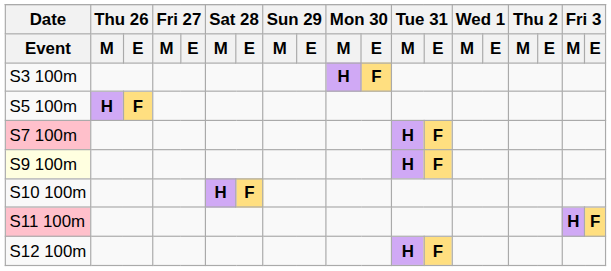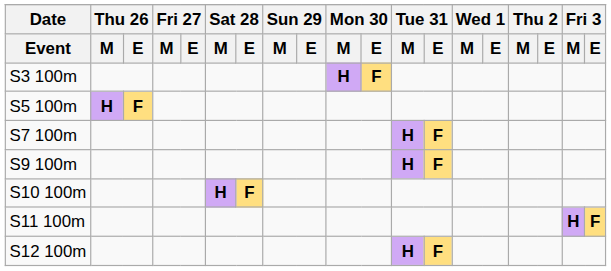 <table class="wikitable" style="margin:0.5em auto; font-size:90%; line-height:1.25em;">
 <tr align="center">
 </tr>
 <tr>
 <th>Date</th>
 <th colspan="2">Thu 26</th>
 <th colspan="2">Fri 27</th>
 <th colspan="2">Sat 28</th>
 <th colspan="2">Sun 29</th>
 <th colspan="2">Mon 30</th>
 <th colspan="2">Tue 31</th>
 <th colspan="2">Wed 1</th>
 <th colspan="2">Thu 2</th>
 <th colspan="2">Fri 3</th>
 </tr>
 <tr>
 <th>Event</th>
 <th>M</th>
 <th>E</th>
 <th>M</th>
 <th>E</th>
 <th>M</th>
 <th>E</th>
 <th>M</th>
 <th>E</th>
 <th>M</th>
 <th>E</th>
 <th>M</th>
 <th>E</th>
 <th>M</th>
 <th>E</th>
 <th>M</th>
 <th>E</th>
 <th>M</th>
 <th>E</th>
 </tr>
 <tr align="center">
 <td align="left">S3 100m</td>
 <td colspan="2"></td>
 <td colspan="2"></td>
 <td colspan="2"></td>
 <td colspan="2"></td>
 <td bgcolor="#D0A9F5"><strong>H</strong></td>
 <td bgcolor="#FFDF80"><strong>F</strong></td>
 <td colspan="2"></td>
 <td colspan="2"></td>
 <td colspan="2"></td>
 <td colspan="2"></td>
 </tr>
 <tr align="center">
 <td align="left">S5 100m</td>
 <td bgcolor="#D0A9F5"><strong>H</strong></td>
 <td bgcolor="#FFDF80"><strong>F</strong></td>
 <td colspan="2"></td>
 <td colspan="2"></td>
 <td colspan="2"></td>
 <td colspan="2"></td>
 <td colspan="2"></td>
 <td colspan="2"></td>
 <td colspan="2"></td>
 <td colspan="2"></td>
 </tr>
 <tr align="center">
-<td align="left" style="background: pink;">S7 100m</td>
+<td align="left">S7 100m</td>
 <td colspan="2"></td>
 <td colspan="2"></td>
 <td colspan="2"></td>
 <td colspan="2"></td>
 <td colspan="2"></td>
 <td bgcolor="#D0A9F5"><strong>H</strong></td>
 <td bgcolor="#FFDF80"><strong>F</strong></td>
 <td colspan="2"></td>
 <td colspan="2"></td>
 <td colspan="2"></td>
 </tr>
 <tr align="center">
-<td align="left" style="background: lightyellow;">S9 100m</td>
+<td align="left">S9 100m</td>
 <td colspan="2"></td>
 <td colspan="2"></td>
 <td colspan="2"></td>
 <td colspan="2"></td>
 <td colspan="2"></td>
 <td bgcolor="#D0A9F5"><strong>H</strong></td>
 <td bgcolor="#FFDF80"><strong>F</strong></td>
 <td colspan="2"></td>
 <td colspan="2"></td>
 <td colspan="2"></td>
 </tr>
 <tr align="center">
 <td align="left">S10 100m</td>
 <td colspan="2"></td>
 <td colspan="2"></td>
 <td bgcolor="#D0A9F5"><strong>H</strong></td>
 <td bgcolor="#FFDF80"><strong>F</strong></td>
 <td colspan="2"></td>
 <td colspan="2"></td>
 <td colspan="2"></td>
 <td colspan="2"></td>
 <td colspan="2"></td>
 <td colspan="2"></td>
 </tr>
 <tr align="center">
-<td align="left" style="background: pink;">S11 100m</td>
+<td align="left">S11 100m</td>
 <td colspan="2"></td>
 <td colspan="2"></td>
 <td colspan="2"></td>
 <td colspan="2"></td>
 <td colspan="2"></td>
 <td colspan="2"></td>
 <td colspan="2"></td>
 <td colspan="2"></td>
 <td bgcolor="#D0A9F5"><strong>H</strong></td>
 <td bgcolor="#FFDF80"><strong>F</strong></td>
 </tr>
 <tr align="center">
 <td align="left">S12 100m</td>
 <td colspan="2"></td>
 <td colspan="2"></td>
 <td colspan="2"></td>
 <td colspan="2"></td>
 <td colspan="2"></td>
 <td bgcolor="#D0A9F5"><strong>H</strong></td>
 <td bgcolor="#FFDF80"><strong>F</strong></td>
 <td colspan="2"></td>
 <td colspan="2"></td>
 <td colspan="2"></td>
 </tr>
 </table>
